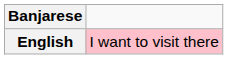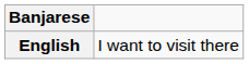 <table class="wikitable">
 <tr style="vertical-align: top;">
 <th scope="row">Banjarese</th>
 <td></td>
 </tr>
 <tr style="vertical-align: top;">
 <th scope="row">English</th>
-<td style="background: pink;">I want to visit there</td>
+<td>I want to visit there</td>
 </tr>
 </table>
